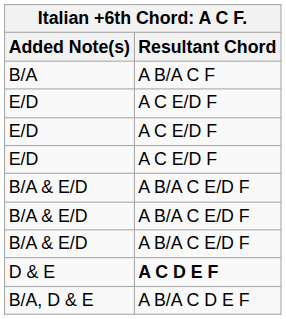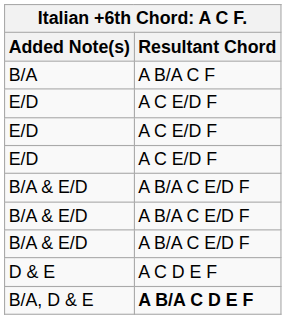 <table class="wikitable">
 <tr>
 <th colspan="2">Italian +6th Chord: A C F.</th>
 </tr>
 <tr>
 <th>Added Note(s)</th>
 <th>Resultant Chord</th>
 </tr>
 <tr>
 <td>B/A</td>
 <td>A B/A C F</td>
 </tr>
 <tr>
 <td>E/D</td>
 <td>A C E/D F</td>
 </tr>
 <tr>
 <td>E/D</td>
 <td>A C E/D F</td>
 </tr>
 <tr>
 <td>E/D</td>
 <td>A C E/D F</td>
 </tr>
 <tr>
 <td>B/A & E/D</td>
 <td>A B/A C E/D F</td>
 </tr>
 <tr>
 <td>B/A & E/D</td>
 <td>A B/A C E/D F</td>
 </tr>
 <tr>
 <td>B/A & E/D</td>
 <td>A B/A C E/D F</td>
 </tr>
 <tr>
 <td>D & E</td>
-<td><strong>A C D E F</strong></td>
+<td>A C D E F</td>
 </tr>
 <tr>
 <td>B/A, D & E</td>
-<td>A B/A C D E F</td>
+<td><strong>A B/A C D E F</strong></td>
 </tr>
 </table>
